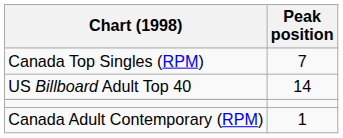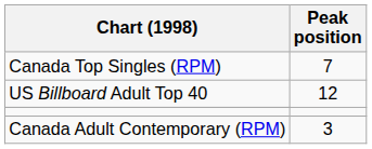 <table class="wikitable sortable">
 <tr>
 <th>Chart (1998)</th>
 <th>Peak <br> position</th>
 </tr>
 <tr>
 <td>Canada Top Singles (<a href='#'>RPM</a>)</td>
 <td align=center>7</td>
 </tr>
 <tr>
 <td>US <em>Billboard</em> Adult Top 40</td>
-<td align=center>14</td>
+<td align=center>12</td>
 </tr>
 <tr>
 </tr>
 <tr>
 </tr>
 <tr>
 <td></td>
 </tr>
 <tr>
 <td>Canada Adult Contemporary (<a href='#'>RPM</a>)</td>
-<td align=center>1</td>
+<td align=center>3</td>
 </tr>
 </table>
